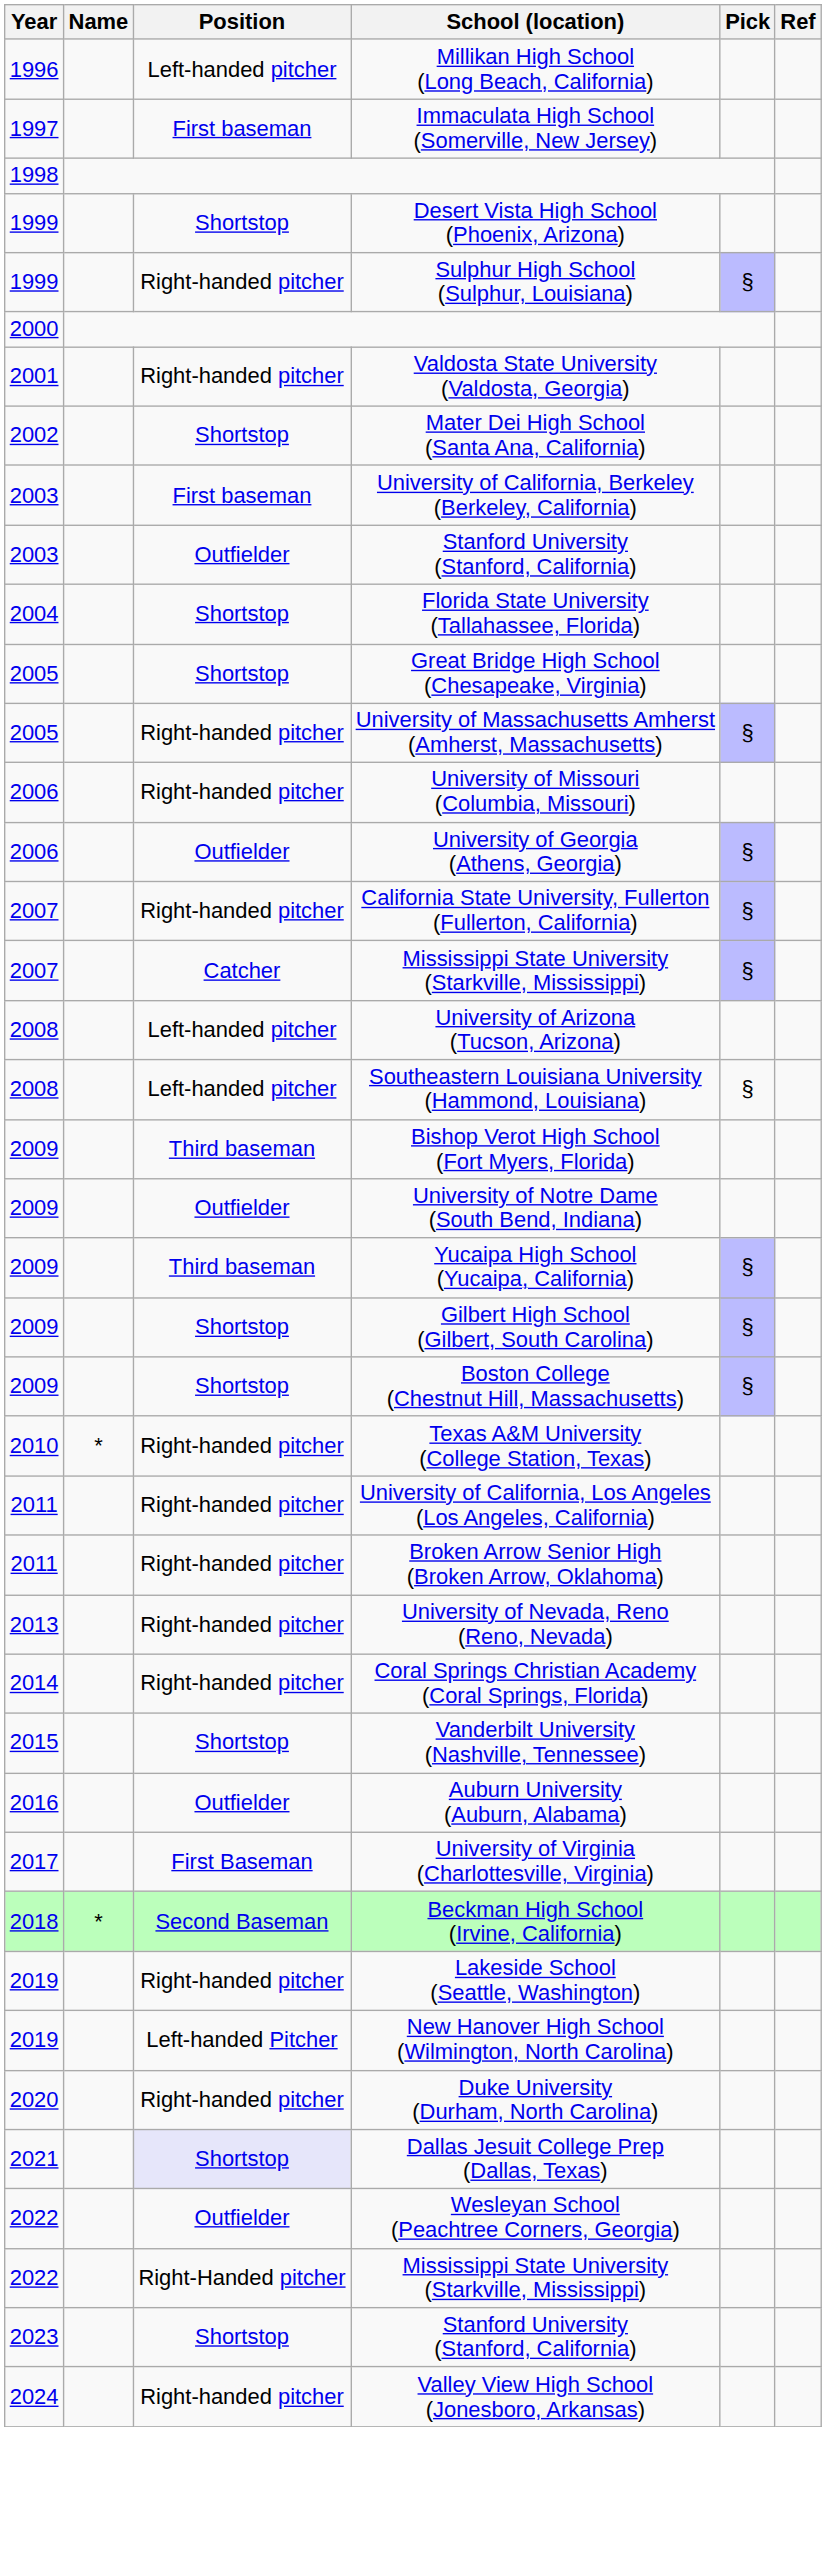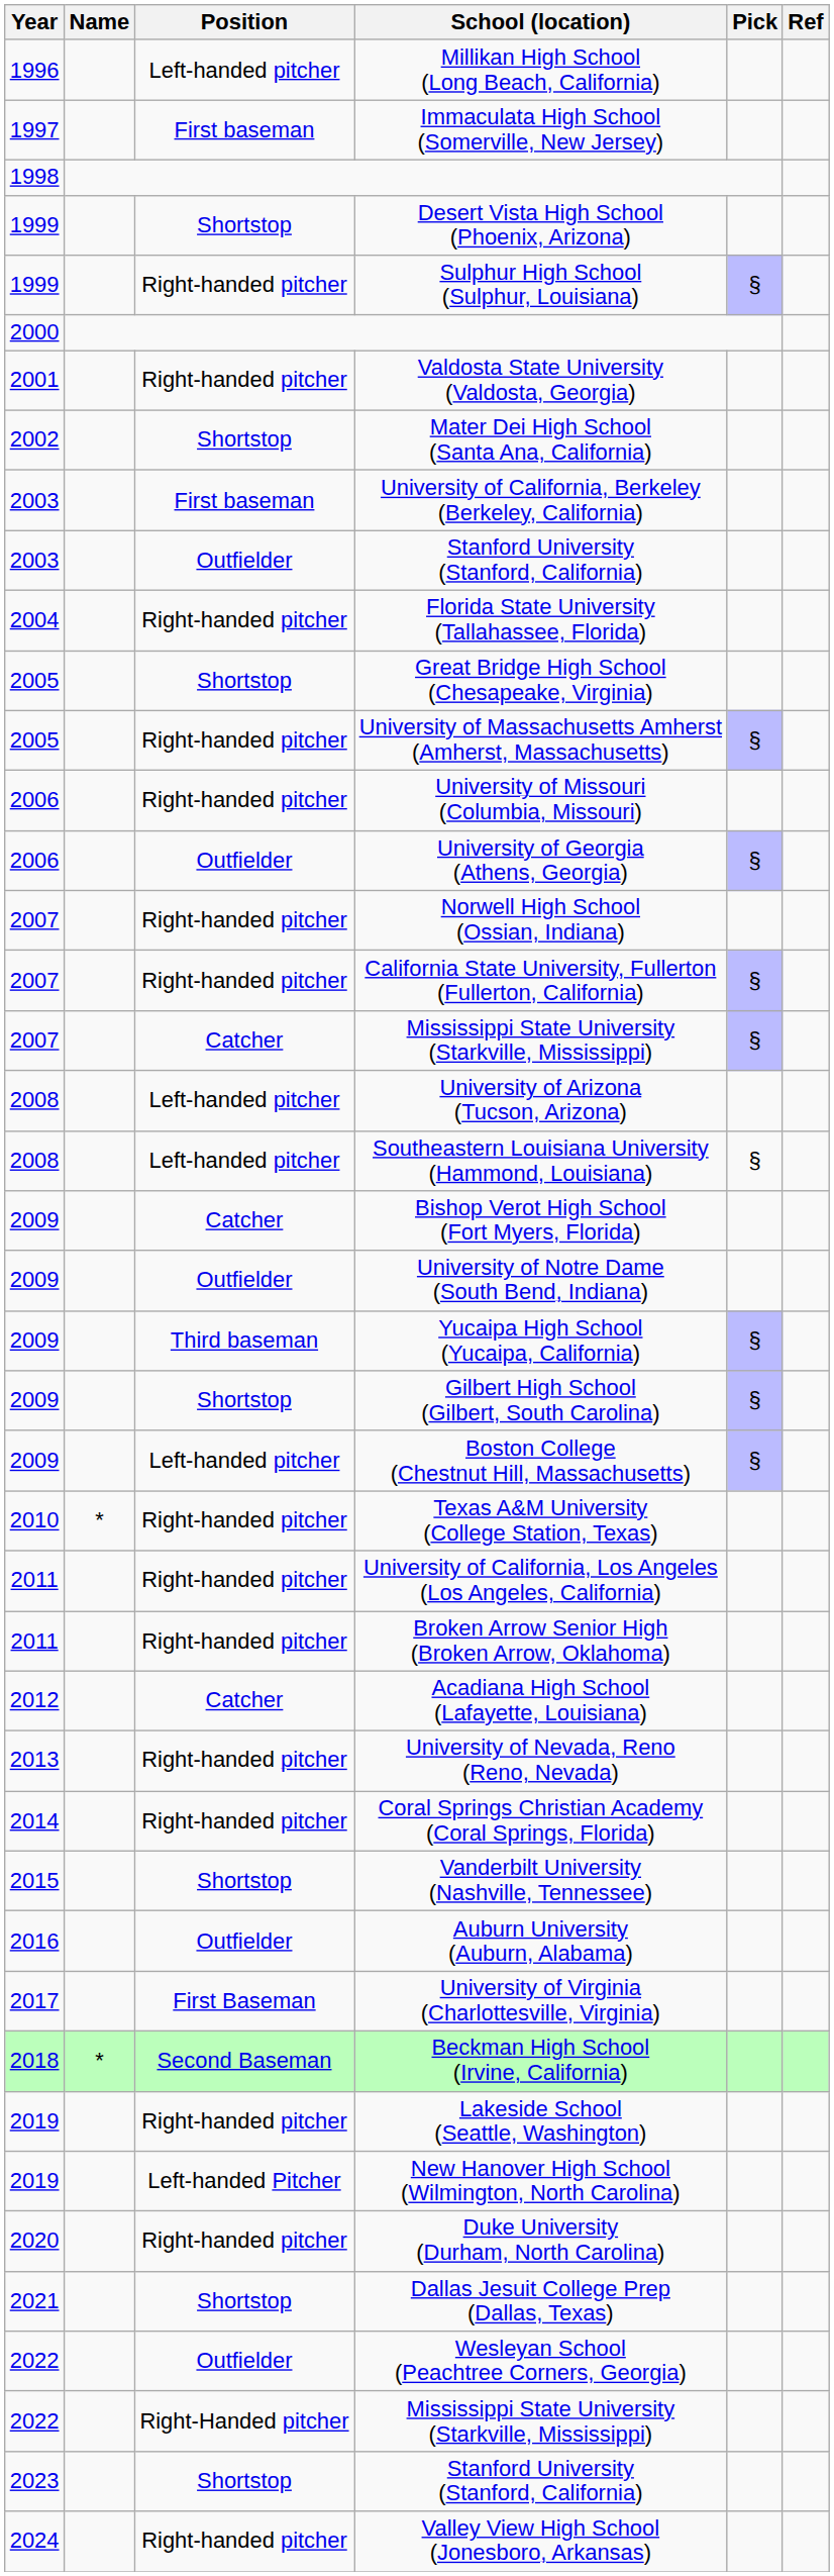 <table class="wikitable sortable" style="text-align:center;" border="1">
 <tr>
 <th>Year</th>
 <th>Name</th>
 <th>Position</th>
 <th class="unsortable">School (location)</th>
 <th>Pick</th>
 <th class="unsortable">Ref</th>
 </tr>
 <tr>
 <td><a href='#'>1996</a></td>
 <td></td>
 <td>Left-handed <a href='#'>pitcher</a></td>
 <td><a href='#'>Millikan High School</a><br>(<a href='#'>Long Beach, California</a>)</td>
 <td></td>
 <td></td>
 </tr>
 <tr>
 <td><a href='#'>1997</a></td>
 <td></td>
 <td><a href='#'>First baseman</a></td>
 <td><a href='#'>Immaculata High School</a><br>(<a href='#'>Somerville, New Jersey</a>)</td>
 <td></td>
 <td></td>
 </tr>
 <tr>
 <td><a href='#'>1998</a></td>
 <td colspan="4"></td>
 <td></td>
 </tr>
 <tr>
 <td><a href='#'>1999</a></td>
 <td></td>
 <td><a href='#'>Shortstop</a></td>
 <td><a href='#'>Desert Vista High School</a><br>(<a href='#'>Phoenix, Arizona</a>)</td>
 <td></td>
 <td></td>
 </tr>
 <tr>
 <td><a href='#'>1999</a></td>
 <td></td>
 <td>Right-handed <a href='#'>pitcher</a></td>
 <td><a href='#'>Sulphur High School</a><br>(<a href='#'>Sulphur, Louisiana</a>)</td>
 <td bgcolor="#bbbbff">§</td>
 <td></td>
 </tr>
 <tr>
 <td><a href='#'>2000</a></td>
 <td colspan="4"></td>
 <td></td>
 </tr>
 <tr>
 <td><a href='#'>2001</a></td>
 <td></td>
 <td>Right-handed <a href='#'>pitcher</a></td>
 <td><a href='#'>Valdosta State University</a><br>(<a href='#'>Valdosta, Georgia</a>)</td>
 <td></td>
 <td></td>
 </tr>
 <tr>
 <td><a href='#'>2002</a></td>
 <td></td>
 <td><a href='#'>Shortstop</a></td>
 <td><a href='#'>Mater Dei High School</a><br>(<a href='#'>Santa Ana, California</a>)</td>
 <td></td>
 <td></td>
 </tr>
 <tr>
 <td><a href='#'>2003</a></td>
 <td></td>
 <td><a href='#'>First baseman</a></td>
 <td><a href='#'>University of California, Berkeley</a><br>(<a href='#'>Berkeley, California</a>)</td>
 <td></td>
 <td></td>
 </tr>
 <tr>
 <td><a href='#'>2003</a></td>
 <td></td>
 <td><a href='#'>Outfielder</a></td>
 <td><a href='#'>Stanford University</a><br>(<a href='#'>Stanford, California</a>)</td>
 <td></td>
 <td></td>
 </tr>
 <tr>
 <td><a href='#'>2004</a></td>
 <td></td>
-<td><a href='#'>Shortstop</a></td>
+<td>Right-handed <a href='#'>pitcher</a></td>
 <td><a href='#'>Florida State University</a><br>(<a href='#'>Tallahassee, Florida</a>)</td>
 <td></td>
 <td></td>
 </tr>
 <tr>
 <td><a href='#'>2005</a></td>
 <td></td>
 <td><a href='#'>Shortstop</a></td>
 <td><a href='#'>Great Bridge High School</a><br>(<a href='#'>Chesapeake, Virginia</a>)</td>
 <td></td>
 <td></td>
 </tr>
 <tr>
 <td><a href='#'>2005</a></td>
 <td></td>
 <td>Right-handed <a href='#'>pitcher</a></td>
 <td><a href='#'>University of Massachusetts Amherst</a><br>(<a href='#'>Amherst, Massachusetts</a>)</td>
 <td bgcolor="#bbbbff">§</td>
 <td></td>
 </tr>
 <tr>
 <td><a href='#'>2006</a></td>
 <td></td>
 <td>Right-handed <a href='#'>pitcher</a></td>
 <td><a href='#'>University of Missouri</a><br>(<a href='#'>Columbia, Missouri</a>)</td>
 <td></td>
 <td></td>
 </tr>
 <tr>
 <td><a href='#'>2006</a></td>
 <td></td>
 <td><a href='#'>Outfielder</a></td>
 <td><a href='#'>University of Georgia</a><br>(<a href='#'>Athens, Georgia</a>)</td>
 <td bgcolor="#bbbbff">§</td>
 <td></td>
 </tr>
 <tr>
 <td><a href='#'>2007</a></td>
 <td></td>
 <td>Right-handed <a href='#'>pitcher</a></td>
+<td><a href='#'>Norwell High School</a><br>(<a href='#'>Ossian, Indiana</a>)</td>
+<td></td>
+<td></td>
+</tr>
+<tr>
+<td><a href='#'>2007</a></td>
+<td></td>
+<td>Right-handed <a href='#'>pitcher</a></td>
 <td><a href='#'>California State University, Fullerton</a><br>(<a href='#'>Fullerton, California</a>)</td>
 <td bgcolor="#bbbbff">§</td>
 <td></td>
 </tr>
 <tr>
 <td><a href='#'>2007</a></td>
 <td></td>
 <td><a href='#'>Catcher</a></td>
 <td><a href='#'>Mississippi State University</a><br>(<a href='#'>Starkville, Mississippi</a>)</td>
 <td bgcolor="#bbbbff">§</td>
 <td></td>
 </tr>
 <tr>
 <td><a href='#'>2008</a></td>
 <td></td>
 <td>Left-handed <a href='#'>pitcher</a></td>
 <td><a href='#'>University of Arizona</a><br>(<a href='#'>Tucson, Arizona</a>)</td>
 <td></td>
 <td></td>
 </tr>
 <tr>
 <td><a href='#'>2008</a></td>
 <td></td>
 <td>Left-handed <a href='#'>pitcher</a></td>
 <td><a href='#'>Southeastern Louisiana University</a><br>(<a href='#'>Hammond, Louisiana</a>)</td>
 <td>§</td>
 <td></td>
 </tr>
 <tr>
 <td><a href='#'>2009</a></td>
 <td></td>
-<td><a href='#'>Third baseman</a></td>
+<td><a href='#'>Catcher</a></td>
 <td><a href='#'>Bishop Verot High School</a><br>(<a href='#'>Fort Myers, Florida</a>)</td>
 <td></td>
 <td></td>
 </tr>
 <tr>
 <td><a href='#'>2009</a></td>
 <td></td>
 <td><a href='#'>Outfielder</a></td>
 <td><a href='#'>University of Notre Dame</a><br>(<a href='#'>South Bend, Indiana</a>)</td>
 <td></td>
 <td></td>
 </tr>
 <tr>
 <td><a href='#'>2009</a></td>
 <td></td>
 <td><a href='#'>Third baseman</a></td>
 <td><a href='#'>Yucaipa High School</a><br>(<a href='#'>Yucaipa, California</a>)</td>
 <td bgcolor="#bbbbff">§</td>
 <td></td>
 </tr>
 <tr>
 <td><a href='#'>2009</a></td>
 <td></td>
 <td><a href='#'>Shortstop</a></td>
 <td><a href='#'>Gilbert High School</a><br>(<a href='#'>Gilbert, South Carolina</a>)</td>
 <td bgcolor="#bbbbff">§</td>
 <td></td>
 </tr>
 <tr>
 <td><a href='#'>2009</a></td>
 <td></td>
-<td><a href='#'>Shortstop</a></td>
+<td>Left-handed <a href='#'>pitcher</a></td>
 <td><a href='#'>Boston College</a><br>(<a href='#'>Chestnut Hill, Massachusetts</a>)</td>
 <td bgcolor="#bbbbff">§</td>
 <td></td>
 </tr>
 <tr>
 <td><a href='#'>2010</a></td>
 <td>*</td>
 <td>Right-handed <a href='#'>pitcher</a></td>
 <td><a href='#'>Texas A&M University</a><br>(<a href='#'>College Station, Texas</a>)</td>
 <td></td>
 <td></td>
 </tr>
 <tr>
 <td><a href='#'>2011</a></td>
 <td></td>
 <td>Right-handed <a href='#'>pitcher</a></td>
 <td><a href='#'>University of California, Los Angeles</a><br>(<a href='#'>Los Angeles, California</a>)</td>
 <td></td>
 <td></td>
 </tr>
 <tr>
 <td><a href='#'>2011</a></td>
 <td></td>
 <td>Right-handed <a href='#'>pitcher</a></td>
 <td><a href='#'>Broken Arrow Senior High</a><br>(<a href='#'>Broken Arrow, Oklahoma</a>)</td>
+<td></td>
+<td></td>
+</tr>
+<tr>
+<td><a href='#'>2012</a></td>
+<td></td>
+<td><a href='#'>Catcher</a></td>
+<td><a href='#'>Acadiana High School</a><br>(<a href='#'>Lafayette, Louisiana</a>)</td>
 <td></td>
 <td></td>
 </tr>
 <tr>
 <td><a href='#'>2013</a></td>
 <td></td>
 <td>Right-handed <a href='#'>pitcher</a></td>
 <td><a href='#'>University of Nevada, Reno</a><br>(<a href='#'>Reno, Nevada</a>)</td>
 <td></td>
 <td></td>
 </tr>
 <tr>
 <td><a href='#'>2014</a></td>
 <td></td>
 <td>Right-handed <a href='#'>pitcher</a></td>
 <td><a href='#'>Coral Springs Christian Academy</a><br>(<a href='#'>Coral Springs, Florida</a>)</td>
 <td></td>
 <td></td>
 </tr>
 <tr>
 <td><a href='#'>2015</a></td>
 <td></td>
 <td><a href='#'>Shortstop</a></td>
 <td><a href='#'>Vanderbilt University</a><br>(<a href='#'>Nashville, Tennessee</a>)</td>
 <td></td>
 <td></td>
 </tr>
 <tr>
 <td><a href='#'>2016</a></td>
 <td></td>
 <td><a href='#'>Outfielder</a></td>
 <td><a href='#'>Auburn University</a><br>(<a href='#'>Auburn, Alabama</a>)</td>
 <td></td>
 <td></td>
 </tr>
 <tr>
 <td><a href='#'>2017</a></td>
 <td></td>
 <td><a href='#'>First Baseman</a></td>
 <td><a href='#'>University of Virginia</a><br>(<a href='#'>Charlottesville, Virginia</a>)</td>
 <td></td>
 <td></td>
 </tr>
 <tr>
 <td bgcolor="#bbffbb"><a href='#'>2018</a></td>
 <td bgcolor="#bbffbb">*</td>
 <td bgcolor="#bbffbb"><a href='#'>Second Baseman</a></td>
 <td bgcolor="#bbffbb"><a href='#'>Beckman High School</a><br>(<a href='#'>Irvine, California</a>)</td>
 <td bgcolor="#bbffbb"></td>
 <td bgcolor="#bbffbb"></td>
 </tr>
 <tr>
 <td><a href='#'>2019</a></td>
 <td></td>
 <td>Right-handed <a href='#'>pitcher</a></td>
 <td><a href='#'>Lakeside School</a><br>(<a href='#'>Seattle, Washington</a>)</td>
 <td></td>
 <td></td>
 </tr>
 <tr>
 <td><a href='#'>2019</a></td>
 <td></td>
 <td>Left-handed <a href='#'>Pitcher</a></td>
 <td><a href='#'>New Hanover High School</a><br>(<a href='#'>Wilmington, North Carolina</a>)</td>
 <td></td>
 <td></td>
 </tr>
 <tr>
 <td><a href='#'>2020</a></td>
 <td></td>
 <td>Right-handed <a href='#'>pitcher</a></td>
 <td><a href='#'>Duke University</a><br>(<a href='#'>Durham, North Carolina</a>)</td>
 <td></td>
 <td></td>
 </tr>
 <tr>
 <td><a href='#'>2021</a></td>
 <td></td>
-<td style="background: lavender;"><a href='#'>Shortstop</a></td>
+<td><a href='#'>Shortstop</a></td>
 <td><a href='#'>Dallas Jesuit College Prep</a><br>(<a href='#'>Dallas, Texas</a>)</td>
 <td></td>
 <td></td>
 </tr>
 <tr>
 <td><a href='#'>2022</a></td>
 <td></td>
 <td><a href='#'>Outfielder</a></td>
 <td><a href='#'>Wesleyan School</a><br>(<a href='#'>Peachtree Corners, Georgia</a>)</td>
 <td></td>
 <td></td>
 </tr>
 <tr>
 <td><a href='#'>2022</a></td>
 <td></td>
 <td>Right-Handed <a href='#'>pitcher</a></td>
 <td><a href='#'>Mississippi State University</a><br>(<a href='#'>Starkville, Mississippi</a>)</td>
 <td></td>
 <td></td>
 </tr>
 <tr>
 <td><a href='#'>2023</a></td>
 <td></td>
 <td><a href='#'>Shortstop</a></td>
 <td><a href='#'>Stanford University</a><br>(<a href='#'>Stanford, California</a>)</td>
 <td></td>
 <td></td>
 </tr>
 <tr>
 <td><a href='#'>2024</a></td>
 <td></td>
 <td>Right-handed <a href='#'>pitcher</a></td>
 <td><a href='#'>Valley View High School</a><br>(<a href='#'>Jonesboro, Arkansas</a>)</td>
 <td></td>
 <td></td>
 </tr>
 </table>
